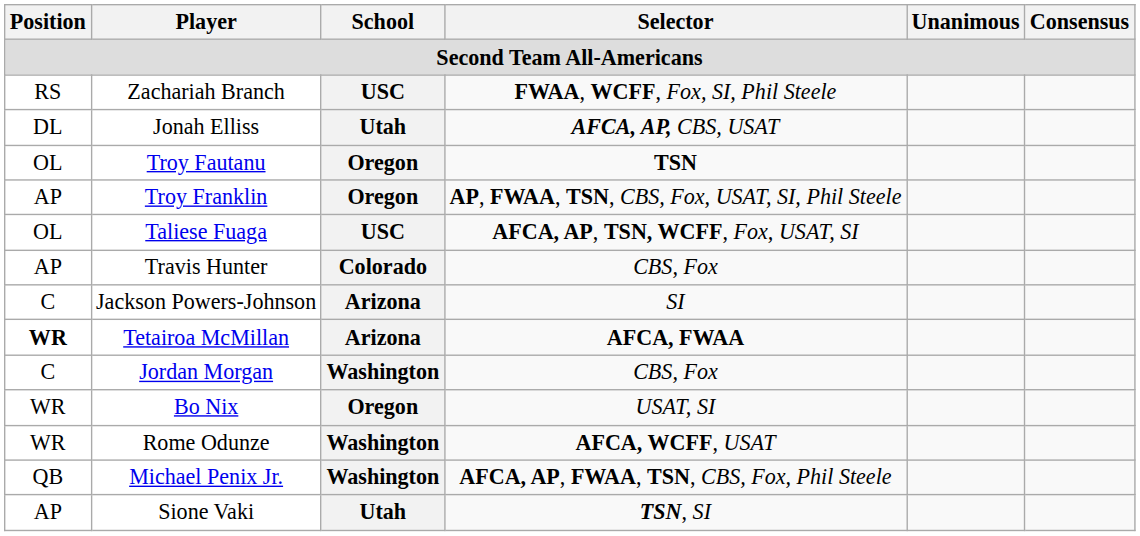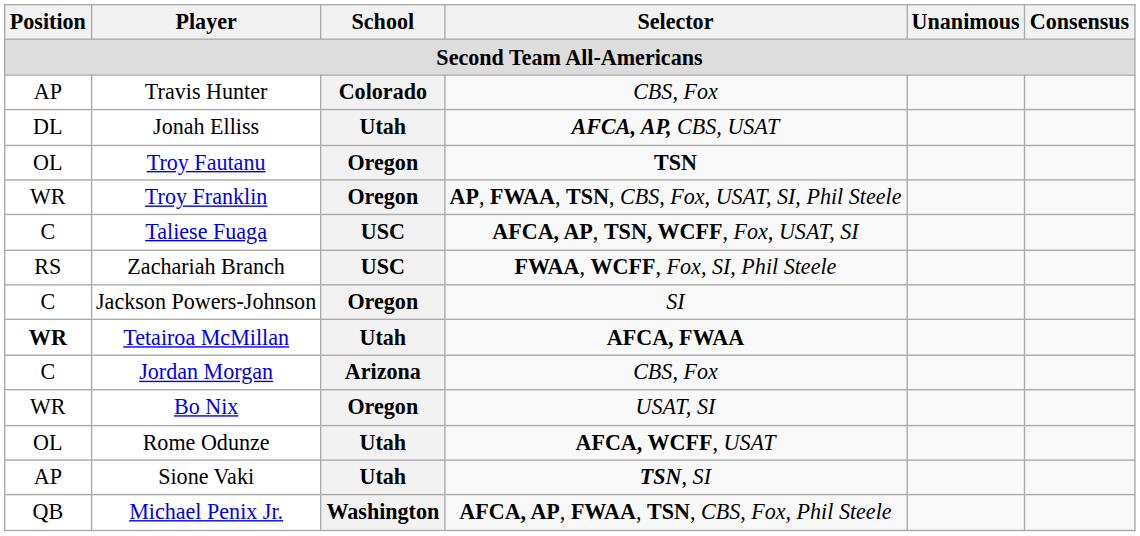 <table class="wikitable">
 <tr>
 <th>Position</th>
 <th>Player</th>
 <th>School</th>
 <th>Selector</th>
 <th>Unanimous</th>
 <th>Consensus</th>
 </tr>
 <tr>
 <td colspan="6" style="text-align:center; background:#ddd;"><strong>Second Team All-Americans</strong></td>
 </tr>
 <tr style="text-align:center;">
-<td style="background:white">RS</td>
-<td style="background:white">Zachariah Branch</td>
-<th style=>USC</th>
-<td><strong>FWAA</strong>, <strong>WCFF</strong>, <em>Fox,</em> <em>SI, Phil Steele</em></td>
+<td style="background:white">AP</td>
+<td style="background:white">Travis Hunter</td>
+<th style=>Colorado</th>
+<td><em>CBS, Fox</em></td>
 <td></td>
 <td></td>
 </tr>
 <tr style="text-align:center;">
 <td style="background:white">DL</td>
 <td style="background:white">Jonah Elliss</td>
 <th>Utah</th>
 <td><strong><em>AFCA, AP,</em></strong> <em>CBS, USAT</em></td>
 <td></td>
 <td></td>
 </tr>
 <tr style="text-align:center;">
 <td style="background:white">OL</td>
 <td style="background:white"><a href='#'>Troy Fautanu</a></td>
 <th style=>Oregon</th>
 <td><strong>TSN</strong></td>
 <td></td>
 <td></td>
 </tr>
 <tr style="text-align:center;">
-<td style="background:white">AP</td>
+<td style="background:white">WR</td>
 <td style="background:white"><a href='#'>Troy Franklin</a></td>
 <th>Oregon</th>
 <td><strong>AP</strong>, <strong>FWAA</strong>, <strong>TSN</strong>, <em>CBS, Fox, USAT, SI, Phil Steele</em></td>
 <td></td>
 <td></td>
 </tr>
 <tr style="text-align:center;">
-<td style="background:white">OL</td>
+<td style="background:white">C</td>
 <td style="background:white"><a href='#'>Taliese Fuaga</a></td>
 <th style=>USC</th>
 <td><strong>AFCA, AP</strong>, <strong>TSN, WCFF</strong>, <em>Fox,</em> <em>USAT, SI</em></td>
 <td></td>
 <td></td>
 </tr>
 <tr style="text-align:center;">
-<td style="background:white">AP</td>
-<td style="background:white">Travis Hunter</td>
-<th style=>Colorado</th>
-<td><em>CBS, Fox</em></td>
+<td style="background:white">RS</td>
+<td style="background:white">Zachariah Branch</td>
+<th style=>USC</th>
+<td><strong>FWAA</strong>, <strong>WCFF</strong>, <em>Fox,</em> <em>SI, Phil Steele</em></td>
 <td></td>
 <td></td>
 </tr>
 <tr style="text-align:center;">
 <td style="background:white">C</td>
 <td style="background:white">Jackson Powers-Johnson</td>
-<th style=>Arizona</th>
+<th style=>Oregon</th>
 <td><em>SI</em></td>
 <td></td>
 <td></td>
 </tr>
 <tr style="text-align:center;">
 <td style="background:white"><strong>WR</strong></td>
 <td style="background:white"><a href='#'>Tetairoa McMillan</a></td>
-<th style=>Arizona</th>
+<th>Utah</th>
 <td><strong>AFCA, FWAA</strong></td>
 <td></td>
 <td></td>
 </tr>
 <tr style="text-align:center;">
 <td style="background:white">C</td>
 <td style="background:white"><a href='#'>Jordan Morgan</a></td>
-<th style=>Washington</th>
+<th style=>Arizona</th>
 <td><em>CBS, Fox</em></td>
 <td></td>
 <td></td>
 </tr>
 <tr style="text-align:center;">
 <td style="background:white">WR</td>
 <td style="background:white"><a href='#'>Bo Nix</a></td>
 <th style=>Oregon</th>
 <td><em>USAT, SI</em></td>
 <td></td>
 <td></td>
 </tr>
 <tr style="text-align:center;">
-<td style="background:white">WR</td>
+<td style="background:white">OL</td>
 <td style="background:white">Rome Odunze</td>
-<th style=>Washington</th>
+<th>Utah</th>
 <td><strong>AFCA, WCFF</strong>, <em>USAT</em></td>
+<td></td>
+<td></td>
+</tr>
+<tr style="text-align:center;">
+<td style="background:white">AP</td>
+<td style="background:white">Sione Vaki</td>
+<th>Utah</th>
+<td><strong><em>TSN</em></strong>, <em>SI</em></td>
 <td></td>
 <td></td>
 </tr>
 <tr style="text-align:center;">
 <td style="background:white">QB</td>
 <td style="background:white"><a href='#'>Michael Penix Jr.</a></td>
 <th style=>Washington</th>
 <td><strong>AFCA, AP</strong>, <strong>FWAA</strong>, <strong>TSN</strong>, <em>CBS, Fox, Phil Steele</em></td>
 <td></td>
 <td></td>
 </tr>
-<tr style="text-align:center;">
-<td style="background:white">AP</td>
-<td style="background:white">Sione Vaki</td>
-<th>Utah</th>
-<td><strong><em>TSN</em></strong>, <em>SI</em></td>
-<td></td>
-<td></td>
-</tr>
 </table>
